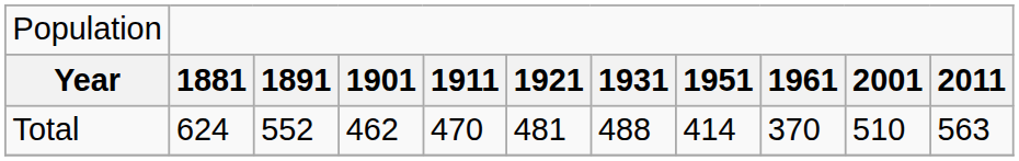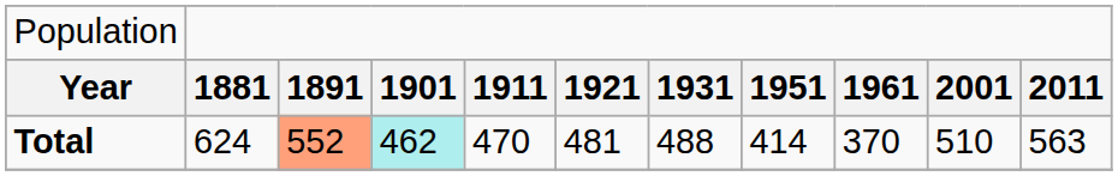 <table class="wikitable">
 <tr>
 <td>Population</td>
 </tr>
 <tr>
 <th>Year</th>
 <th>1881</th>
 <th>1891</th>
 <th>1901</th>
 <th>1911</th>
 <th>1921</th>
 <th>1931</th>
 <th>1951</th>
 <th>1961</th>
 <th>2001</th>
 <th>2011</th>
 </tr>
 <tr>
-<td>Total</td>
+<td><strong>Total</strong></td>
 <td>624</td>
-<td>552</td>
-<td>462</td>
+<td style="background: lightsalmon;">552</td>
+<td style="background: paleturquoise;">462</td>
 <td>470</td>
 <td>481</td>
 <td>488</td>
 <td>414</td>
 <td>370</td>
 <td>510</td>
 <td>563</td>
 </tr>
 <tr>
 </tr>
 </table>
